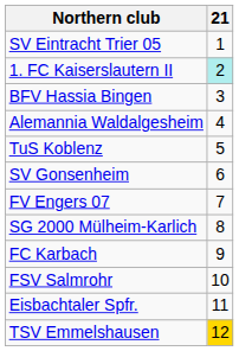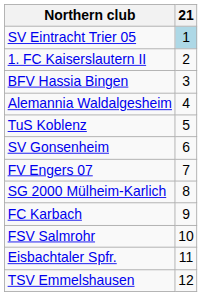 <table class="wikitable sortable">
 <tr>
 <th>Northern club</th>
 <th class="unsortable">21</th>
 </tr>
 <tr align="center">
 <td align="left"><a href='#'>SV Eintracht Trier 05</a></td>
-<td>1</td>
+<td style="background: lightblue;">1</td>
 </tr>
 <tr align="center">
 <td align="left"><a href='#'>1. FC Kaiserslautern II</a></td>
-<td style="background: paleturquoise;">2</td>
+<td>2</td>
 </tr>
 <tr align="center">
 <td align="left"><a href='#'>BFV Hassia Bingen</a></td>
 <td>3</td>
 </tr>
 <tr align="center">
 <td align="left"><a href='#'>Alemannia Waldalgesheim</a></td>
 <td>4</td>
 </tr>
 <tr align="center">
 <td align="left"><a href='#'>TuS Koblenz</a></td>
 <td>5</td>
 </tr>
 <tr align="center">
 <td align="left"><a href='#'>SV Gonsenheim</a></td>
 <td>6</td>
 </tr>
 <tr align="center">
 <td align="left"><a href='#'>FV Engers 07</a></td>
 <td>7</td>
 </tr>
 <tr align="center">
 <td align="left"><a href='#'>SG 2000 Mülheim-Karlich</a></td>
 <td>8</td>
 </tr>
 <tr align="center">
 <td align="left"><a href='#'>FC Karbach</a></td>
 <td>9</td>
 </tr>
 <tr align="center">
 <td align="left"><a href='#'>FSV Salmrohr</a></td>
 <td>10</td>
 </tr>
 <tr align="center">
 <td align="left"><a href='#'>Eisbachtaler Spfr.</a></td>
 <td>11</td>
 </tr>
 <tr align="center">
 <td align="left"><a href='#'>TSV Emmelshausen</a></td>
-<td style="background: gold;">12</td>
+<td>12</td>
 </tr>
 </table>
